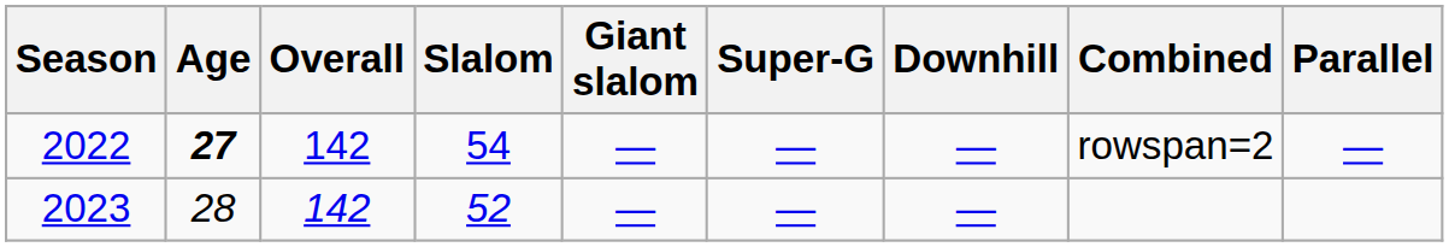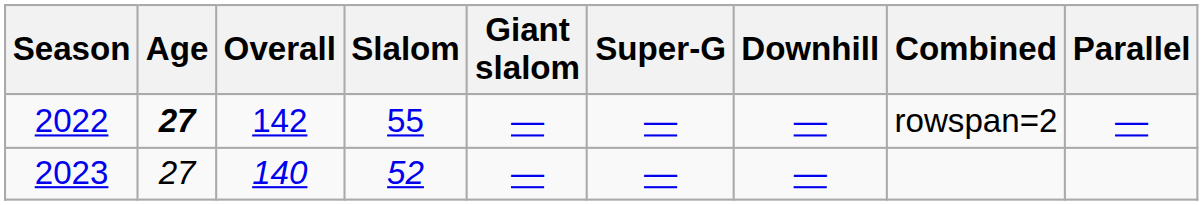 <table class=wikitable style="text-align:center">
 <tr>
 <th>Season</th>
 <th>Age</th>
 <th>Overall</th>
 <th>Slalom</th>
 <th>Giant<br>slalom</th>
 <th>Super-G</th>
 <th>Downhill</th>
 <th>Combined</th>
 <th>Parallel</th>
 </tr>
 <tr>
 <td><a href='#'>2022</a></td>
 <td><strong><em>27</em></strong></td>
 <td><a href='#'>142</a></td>
-<td><a href='#'>54</a></td>
+<td><a href='#'>55</a></td>
 <td><a href='#'>—</a></td>
 <td><a href='#'>—</a></td>
 <td><a href='#'>—</a></td>
 <td>rowspan=2 </td>
 <td><a href='#'>—</a></td>
 </tr>
 <tr>
 <td><a href='#'>2023</a></td>
-<td><em>28</em></td>
-<td><em><a href='#'>142</a></em></td>
+<td><em>27</em></td>
+<td><em><a href='#'>140</a></em></td>
 <td><em><a href='#'>52</a></em></td>
 <td><a href='#'>—</a></td>
 <td><a href='#'>—</a></td>
 <td><a href='#'>—</a></td>
 <td></td>
 </tr>
 </table>
